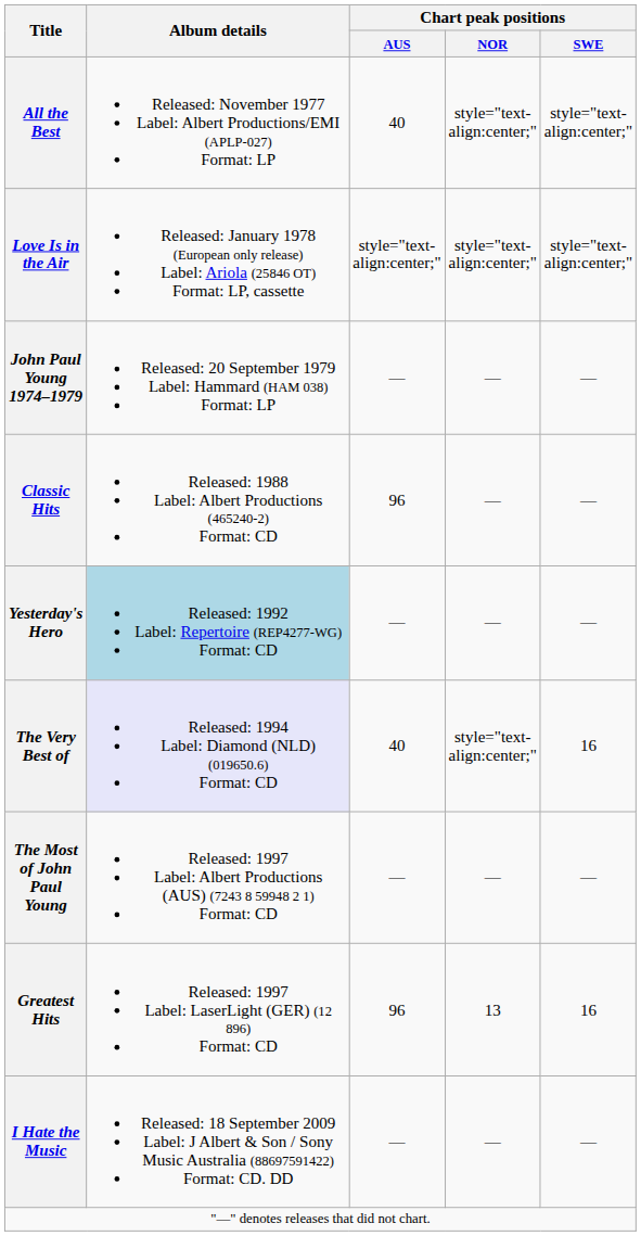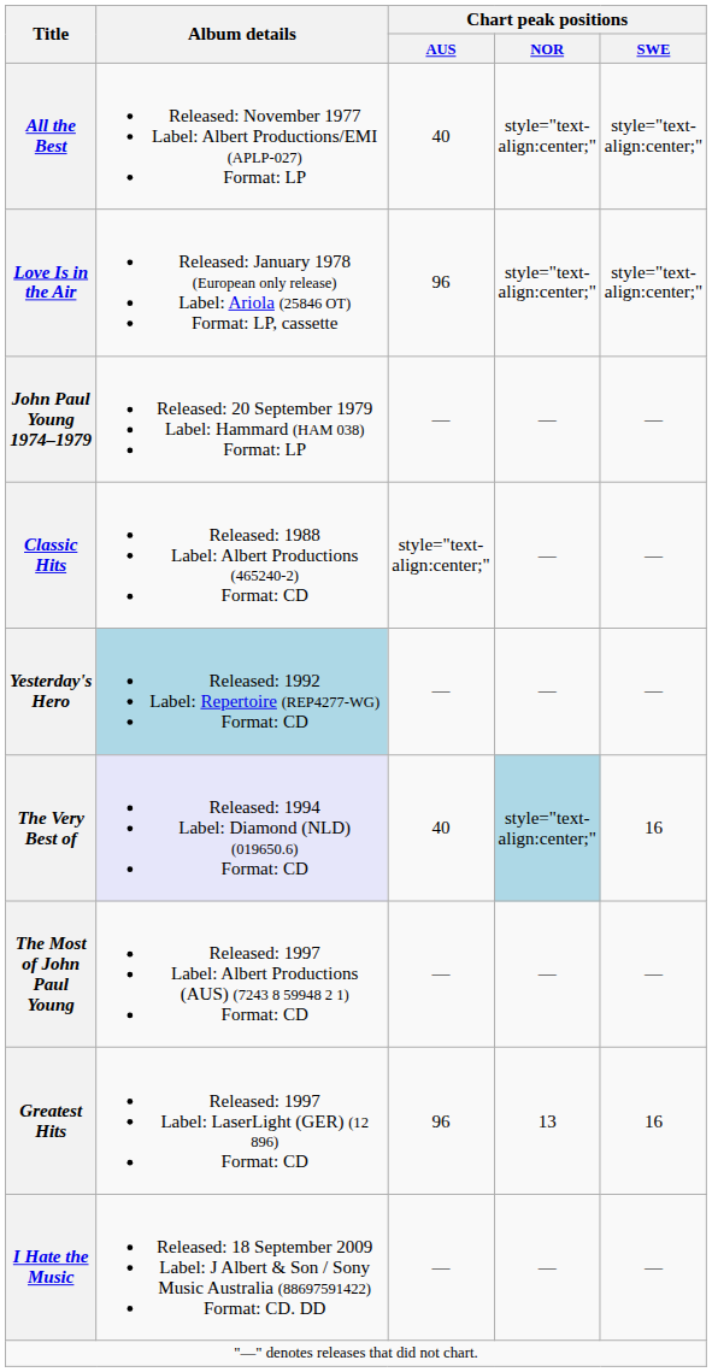 <table class="wikitable plainrowheaders" style="text-align:center;" border="1">
 <tr>
 <th rowspan="2" style="width:35px;">Title</th>
 <th style="width:250px;" rowspan="2">Album details</th>
 <th style="width:120px;" colspan="3">Chart peak positions</th>
 </tr>
 <tr>
 <th style="width:30px;"><small><a href='#'>AUS</a><br></small></th>
 <th style="width:30px;"><small><a href='#'>NOR</a><br></small></th>
 <th style="width:30px;"><small><a href='#'>SWE</a><br></small></th>
 </tr>
 <tr>
 <th scope="row"><em><a href='#'>All the Best</a></em></th>
 <td><br><ul><li>Released: November 1977</li><li>Label: Albert Productions/EMI <small>(APLP-027)</small></li><li>Format: LP</li></ul></td>
 <td style="text-align:center;">40</td>
 <td>style="text-align:center;"</td>
 <td>style="text-align:center;"</td>
 </tr>
 <tr>
 <th scope="row"><em><a href='#'>Love Is in the Air</a></em></th>
 <td><br><ul><li>Released: January 1978 <small> (European only release) </small></li><li>Label: <a href='#'>Ariola</a> <small>(25846 OT)</small></li><li>Format: LP, cassette</li></ul></td>
-<td>style="text-align:center;"</td>
+<td style="text-align:center;">96</td>
 <td>style="text-align:center;"</td>
 <td>style="text-align:center;"</td>
 </tr>
 <tr>
 <th scope="row"><em>John Paul Young 1974–1979</em></th>
 <td><br><ul><li>Released: 20 September 1979</li><li>Label: Hammard <small>(HAM 038)</small></li><li>Format: LP</li></ul></td>
 <td style="text-align:center;">—</td>
 <td style="text-align:center;">—</td>
 <td style="text-align:center;">—</td>
 </tr>
 <tr>
 <th scope="row"><em><a href='#'>Classic Hits</a></em></th>
 <td><br><ul><li>Released: 1988</li><li>Label: Albert Productions <small>(465240-2)</small></li><li>Format: CD</li></ul></td>
-<td style="text-align:center;">96</td>
+<td>style="text-align:center;"</td>
 <td style="text-align:center;">—</td>
 <td style="text-align:center;">—</td>
 </tr>
 <tr>
 <th scope="row"><em>Yesterday's Hero</em></th>
 <td style="background: lightblue;"><br><ul><li>Released: 1992</li><li>Label: <a href='#'>Repertoire</a> <small>(REP4277-WG)</small></li><li>Format: CD</li></ul></td>
 <td style="text-align:center;">—</td>
 <td style="text-align:center;">—</td>
 <td style="text-align:center;">—</td>
 </tr>
 <tr>
 <th scope="row"><em>The Very Best of</em></th>
 <td style="background: lavender;"><br><ul><li>Released: 1994</li><li>Label: Diamond (NLD) <small>(019650.6)</small></li><li>Format: CD</li></ul></td>
 <td style="text-align:center;">40</td>
-<td>style="text-align:center;"</td>
+<td style="background: lightblue;">style="text-align:center;"</td>
 <td style="text-align:center;">16</td>
 </tr>
 <tr>
 <th scope="row"><em>The Most of John Paul Young</em></th>
 <td><br><ul><li>Released: 1997</li><li>Label: Albert Productions (AUS) <small>(7243 8 59948 2 1)</small></li><li>Format: CD</li></ul></td>
 <td style="text-align:center;">—</td>
 <td style="text-align:center;">—</td>
 <td style="text-align:center;">—</td>
 </tr>
 <tr>
 <th scope="row"><em>Greatest Hits</em></th>
 <td><br><ul><li>Released: 1997</li><li>Label: LaserLight (GER) <small>(12 896)</small></li><li>Format: CD</li></ul></td>
 <td style="text-align:center;">96</td>
 <td style="text-align:center;">13</td>
 <td style="text-align:center;">16</td>
 </tr>
 <tr>
 <th scope="row"><em><a href='#'>I Hate the Music</a></em></th>
 <td><br><ul><li>Released: 18 September 2009</li><li>Label: J Albert & Son / Sony Music Australia <small> (88697591422) </small></li><li>Format: CD. DD</li></ul></td>
 <td style="text-align:center;">—</td>
 <td style="text-align:center;">—</td>
 <td style="text-align:center;">—</td>
 </tr>
 <tr>
 <td colspan="7" style="text-align:center; font-size:85%;">"—" denotes releases that did not chart.</td>
 </tr>
 </table>
